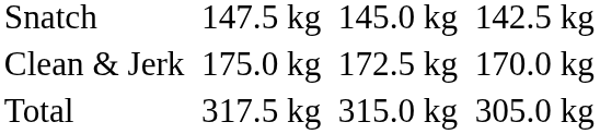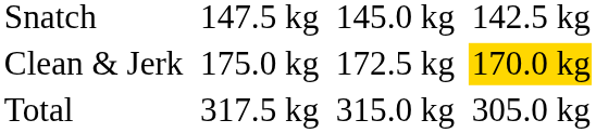 <table>
 <tr>
 <td>Snatch</td>
 <td></td>
 <td>147.5 kg</td>
 <td></td>
 <td>145.0 kg</td>
 <td></td>
 <td>142.5 kg</td>
 </tr>
 <tr>
 <td>Clean & Jerk</td>
 <td></td>
 <td>175.0 kg</td>
 <td></td>
 <td>172.5 kg</td>
 <td></td>
-<td>170.0 kg</td>
+<td style="background: gold;">170.0 kg</td>
 </tr>
 <tr>
 <td>Total</td>
 <td></td>
 <td>317.5 kg</td>
 <td></td>
 <td>315.0 kg</td>
 <td></td>
 <td>305.0 kg</td>
 </tr>
 </table>
